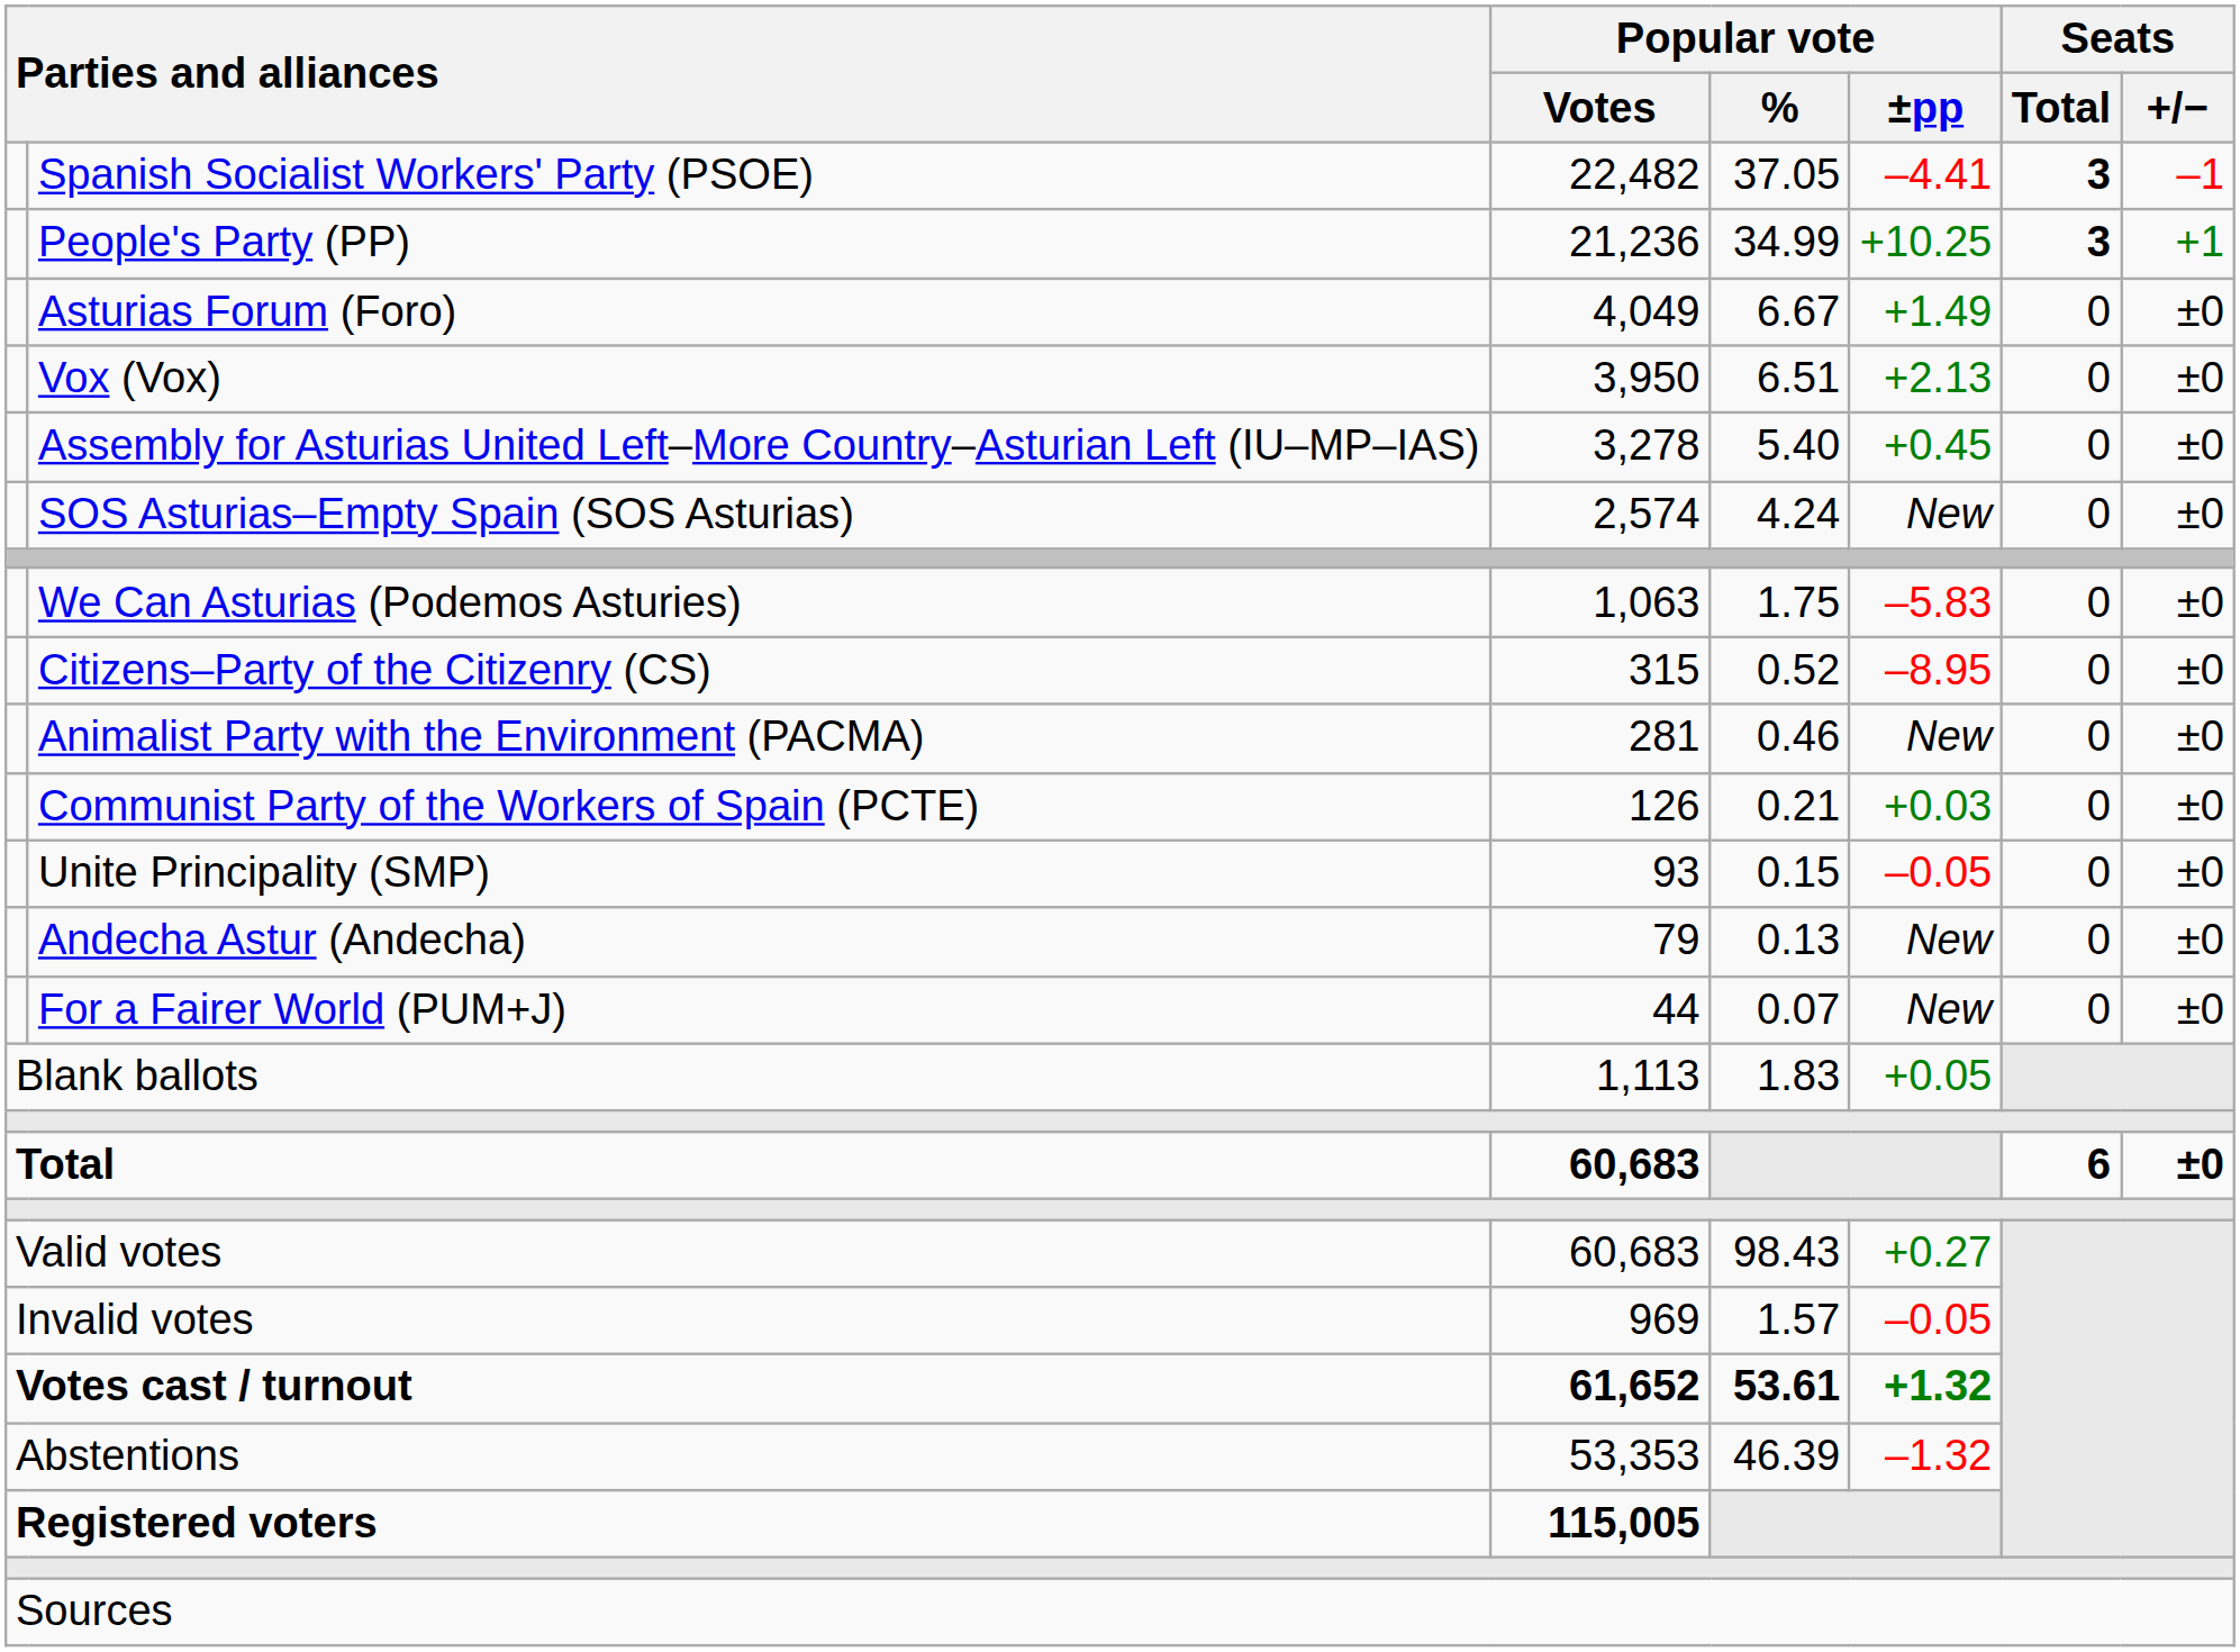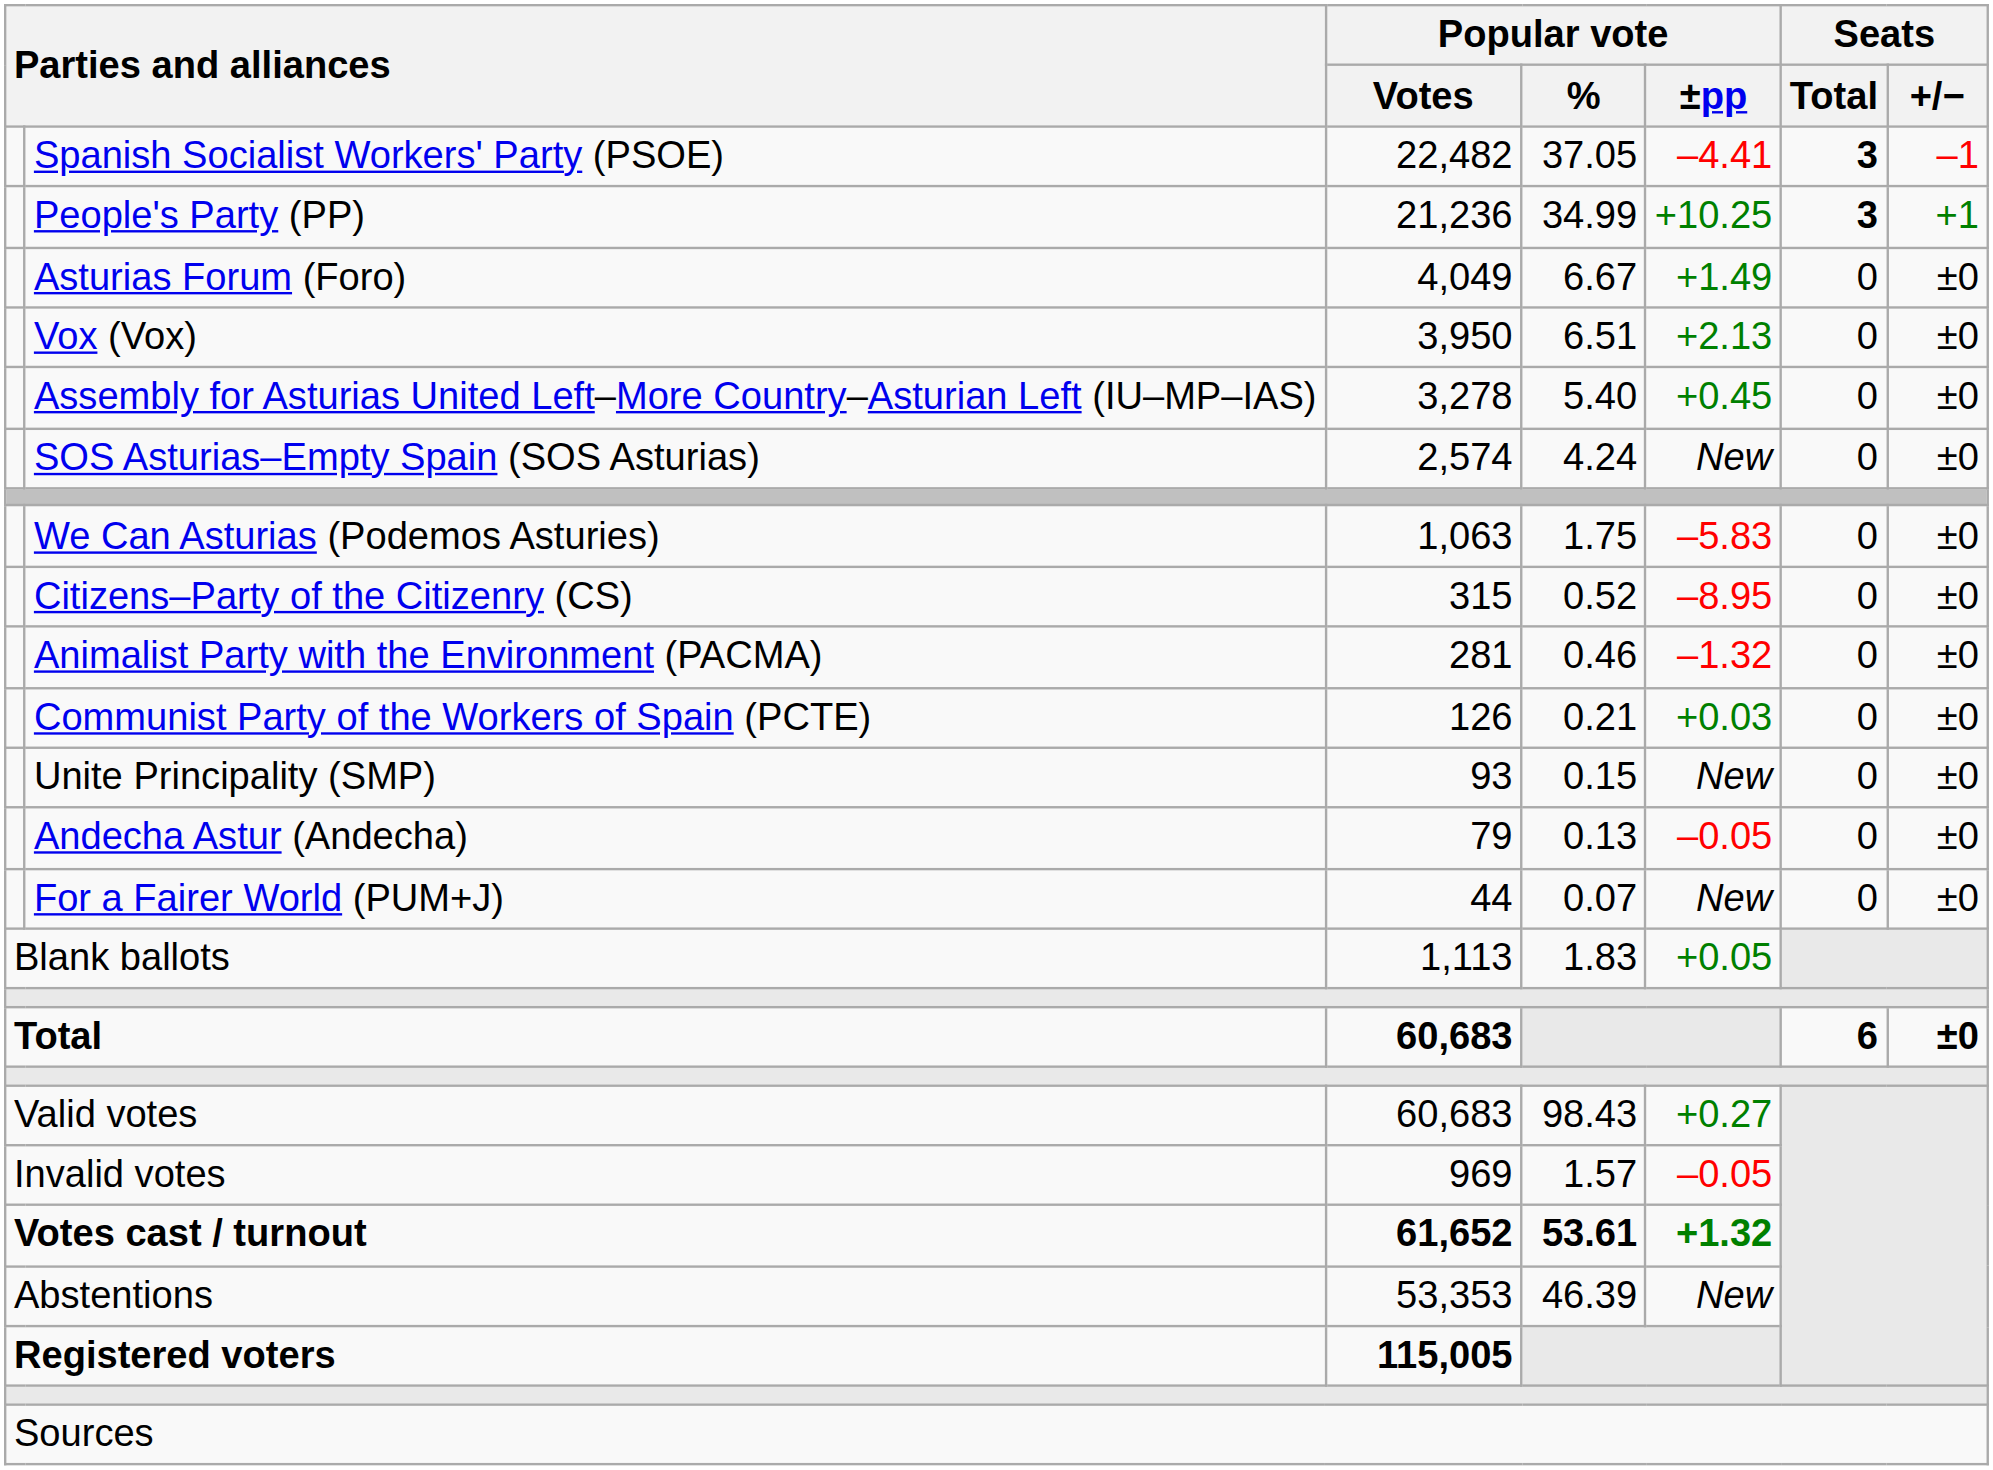 <table class="wikitable" style="text-align:right;">
 <tr>
 <th style="text-align:left;" rowspan="2" colspan="2" width="525">Parties and alliances</th>
 <th colspan="3">Popular vote</th>
 <th colspan="2">Seats</th>
 </tr>
 <tr>
 <th width="75">Votes</th>
 <th width="45">%</th>
 <th width="45">±<a href='#'>pp</a></th>
 <th width="35">Total</th>
 <th width="35">+/−</th>
 </tr>
 <tr>
 <td width="1" style="color:inherit;background:"></td>
 <td align="left"><a href='#'>Spanish Socialist Workers' Party</a> (PSOE)</td>
 <td>22,482</td>
 <td>37.05</td>
 <td style="color:red;">–4.41</td>
 <td><strong>3</strong></td>
 <td style="color:red;">–1</td>
 </tr>
 <tr>
 <td style="color:inherit;background:"></td>
 <td align="left"><a href='#'>People's Party</a> (PP)</td>
 <td>21,236</td>
 <td>34.99</td>
 <td style="color:green;">+10.25</td>
 <td><strong>3</strong></td>
 <td style="color:green;">+1</td>
 </tr>
 <tr>
 <td style="color:inherit;background:"></td>
 <td align="left"><a href='#'>Asturias Forum</a> (Foro)</td>
 <td>4,049</td>
 <td>6.67</td>
 <td style="color:green;">+1.49</td>
 <td>0</td>
 <td>±0</td>
 </tr>
 <tr>
 <td style="color:inherit;background:"></td>
 <td align="left"><a href='#'>Vox</a> (Vox)</td>
 <td>3,950</td>
 <td>6.51</td>
 <td style="color:green;">+2.13</td>
 <td>0</td>
 <td>±0</td>
 </tr>
 <tr>
 <td style="color:inherit;background:"></td>
 <td align="left"><a href='#'>Assembly for Asturias United Left</a>–<a href='#'>More Country</a>–<a href='#'>Asturian Left</a> (IU–MP–IAS)</td>
 <td>3,278</td>
 <td>5.40</td>
 <td style="color:green;">+0.45</td>
 <td>0</td>
 <td>±0</td>
 </tr>
 <tr>
 <td style="color:inherit;background:"></td>
 <td align="left"><a href='#'>SOS Asturias–Empty Spain</a> (SOS Asturias)</td>
 <td>2,574</td>
 <td>4.24</td>
 <td><em>New</em></td>
 <td>0</td>
 <td>±0</td>
 </tr>
 <tr>
 <td colspan="7" bgcolor="#C0C0C0"></td>
 </tr>
 <tr>
 <td style="color:inherit;background:"></td>
 <td align="left"><a href='#'>We Can Asturias</a> (Podemos Asturies)</td>
 <td>1,063</td>
 <td>1.75</td>
 <td style="color:red;">–5.83</td>
 <td>0</td>
 <td>±0</td>
 </tr>
 <tr>
 <td style="color:inherit;background:"></td>
 <td align="left"><a href='#'>Citizens–Party of the Citizenry</a> (CS)</td>
 <td>315</td>
 <td>0.52</td>
 <td style="color:red;">–8.95</td>
 <td>0</td>
 <td>±0</td>
 </tr>
 <tr>
 <td style="color:inherit;background:"></td>
 <td align="left"><a href='#'>Animalist Party with the Environment</a> (PACMA)</td>
 <td>281</td>
 <td>0.46</td>
-<td><em>New</em></td>
+<td style="color:red;">–1.32</td>
 <td>0</td>
 <td>±0</td>
 </tr>
 <tr>
 <td style="color:inherit;background:"></td>
 <td align="left"><a href='#'>Communist Party of the Workers of Spain</a> (PCTE)</td>
 <td>126</td>
 <td>0.21</td>
 <td style="color:green;">+0.03</td>
 <td>0</td>
 <td>±0</td>
 </tr>
 <tr>
 <td style="color:inherit;background:"></td>
 <td align="left">Unite Principality (SMP)</td>
 <td>93</td>
 <td>0.15</td>
-<td style="color:red;">–0.05</td>
+<td><em>New</em></td>
 <td>0</td>
 <td>±0</td>
 </tr>
 <tr>
 <td bgcolor=></td>
 <td align="left"><a href='#'>Andecha Astur</a> (Andecha)</td>
 <td>79</td>
 <td>0.13</td>
-<td><em>New</em></td>
+<td style="color:red;">–0.05</td>
 <td>0</td>
 <td>±0</td>
 </tr>
 <tr>
 <td style="color:inherit;background:"></td>
 <td align="left"><a href='#'>For a Fairer World</a> (PUM+J)</td>
 <td>44</td>
 <td>0.07</td>
 <td><em>New</em></td>
 <td>0</td>
 <td>±0</td>
 </tr>
 <tr>
 <td align="left" colspan="2">Blank ballots</td>
 <td>1,113</td>
 <td>1.83</td>
 <td style="color:green;">+0.05</td>
 <td bgcolor="#E9E9E9" colspan="2"></td>
 </tr>
 <tr>
 <td colspan="7" bgcolor="#E9E9E9"></td>
 </tr>
 <tr style="font-weight:bold;">
 <td align="left" colspan="2">Total</td>
 <td>60,683</td>
 <td bgcolor="#E9E9E9" colspan="2"></td>
 <td>6</td>
 <td>±0</td>
 </tr>
 <tr>
 <td colspan="7" bgcolor="#E9E9E9"></td>
 </tr>
 <tr>
 <td align="left" colspan="2">Valid votes</td>
 <td>60,683</td>
 <td>98.43</td>
 <td style="color:green;">+0.27</td>
 <td bgcolor="#E9E9E9" colspan="2" rowspan="5"></td>
 </tr>
 <tr>
 <td align="left" colspan="2">Invalid votes</td>
 <td>969</td>
 <td>1.57</td>
 <td style="color:red;">–0.05</td>
 </tr>
 <tr style="font-weight:bold;">
 <td align="left" colspan="2">Votes cast / turnout</td>
 <td>61,652</td>
 <td>53.61</td>
 <td style="color:green;">+1.32</td>
 </tr>
 <tr>
 <td align="left" colspan="2">Abstentions</td>
 <td>53,353</td>
 <td>46.39</td>
-<td style="color:red;">–1.32</td>
+<td><em>New</em></td>
 </tr>
 <tr style="font-weight:bold;">
 <td align="left" colspan="2">Registered voters</td>
 <td>115,005</td>
 <td bgcolor="#E9E9E9" colspan="2"></td>
 </tr>
 <tr>
 <td colspan="7" bgcolor="#E9E9E9"></td>
 </tr>
 <tr>
 <td align="left" colspan="7">Sources</td>
 </tr>
 </table>
